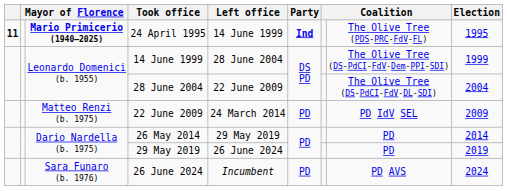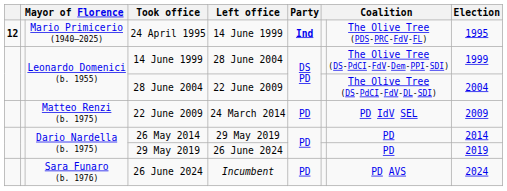 <table class="wikitable" style="text-align: center;">
 <tr>
 <th><br></th>
 <th colspan="2">Mayor of <a href='#'>Florence</a></th>
 <th>Took office</th>
 <th>Left office</th>
 <th>Party</th>
 <th colspan="2">Coalition</th>
 <th>Election</th>
 </tr>
 <tr>
-<td rowspan="1" style="background: "><strong>11</strong></td>
+<td rowspan="1" style="background: "><strong>12</strong></td>
 <td rowspan="1"></td>
-<td rowspan="1"><strong><a href='#'>Mario Primicerio</a><br><small>(1940–2025)</small></strong></td>
+<td rowspan="1"><a href='#'>Mario Primicerio</a><br><small>(1940–2025)</small></td>
 <td rowspan="1">24 April 1995</td>
 <td rowspan="1">14 June 1999</td>
 <td rowspan="1"><strong><a href='#'>Ind</a></strong></td>
 <td style="background: "></td>
 <td><a href='#'>The Olive Tree</a><br><small>(<a href='#'>PDS</a>-<a href='#'>PRC</a>-<a href='#'>FdV</a>-<a href='#'>FL</a>)</small></td>
 <td><a href='#'>1995</a></td>
 </tr>
 <tr>
 <td rowspan="2" style="background: "><strong></strong></td>
 <td rowspan="2"></td>
 <td rowspan="2"><a href='#'>Leonardo Domenici</a><br><small>(b. 1955)</small></td>
 <td>14 June 1999</td>
 <td>28 June 2004</td>
 <td rowspan="2"><a href='#'>DS</a><br><a href='#'>PD</a></td>
 <td style="background: "></td>
 <td><a href='#'>The Olive Tree</a><br><small>(<a href='#'>DS</a>-<a href='#'>PdCI</a>-<a href='#'>FdV</a>-<a href='#'>Dem</a>-<a href='#'>PPI</a>-<a href='#'>SDI</a>)</small></td>
 <td><a href='#'>1999</a></td>
 </tr>
 <tr>
 <td>28 June 2004</td>
 <td>22 June 2009</td>
 <td style="background: "></td>
 <td><a href='#'>The Olive Tree</a><br><small>(<a href='#'>DS</a>-<a href='#'>PdCI</a>-<a href='#'>FdV</a>-<a href='#'>DL</a>-<a href='#'>SDI</a>)</small></td>
 <td><a href='#'>2004</a></td>
 </tr>
 <tr>
 <td rowspan="1" style="background: "><strong></strong></td>
 <td rowspan="1"></td>
 <td rowspan="1"><a href='#'>Matteo Renzi</a><br><small>(b. 1975)</small></td>
 <td rowspan="1">22 June 2009</td>
 <td rowspan="1">24 March 2014</td>
 <td rowspan="1"><a href='#'>PD</a></td>
 <td style="background: "></td>
 <td><a href='#'>PD</a>  <a href='#'>IdV</a>  <a href='#'>SEL</a></td>
 <td><a href='#'>2009</a></td>
 </tr>
 <tr>
 <td rowspan="2" style="background: "><strong></strong></td>
 <td rowspan="2"></td>
 <td rowspan="2"><a href='#'>Dario Nardella</a><br><small>(b. 1975)</small></td>
 <td>26 May 2014</td>
 <td>29 May 2019</td>
 <td rowspan="2"><a href='#'>PD</a></td>
 <td style="background: "></td>
 <td><a href='#'>PD</a></td>
 <td><a href='#'>2014</a></td>
 </tr>
 <tr>
 <td>29 May 2019</td>
 <td>26 June 2024</td>
 <td style="background: "></td>
 <td><a href='#'>PD</a></td>
 <td><a href='#'>2019</a></td>
 </tr>
 <tr>
 <td style="background: "><strong></strong></td>
 <td></td>
 <td><a href='#'>Sara Funaro</a><br><small>(b. 1976)</small></td>
 <td>26 June 2024</td>
 <td><em>Incumbent</em></td>
 <td><a href='#'>PD</a></td>
 <td style="background: "></td>
 <td><a href='#'>PD</a>  <a href='#'>AVS</a></td>
 <td><a href='#'>2024</a></td>
 </tr>
 </table>
